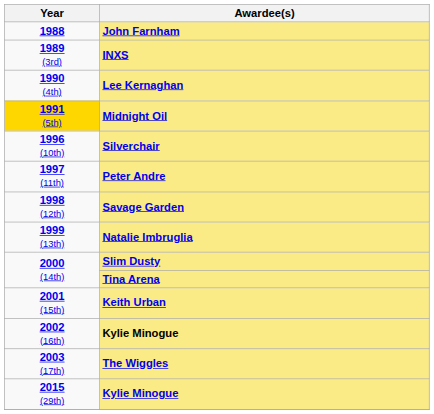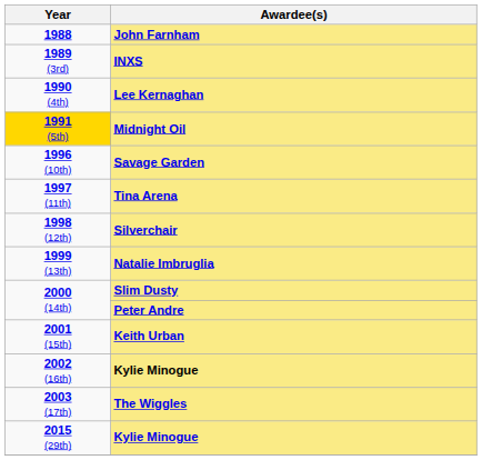 <table class="sortable wikitable">
 <tr>
 <th width="5%">Year</th>
 <th width="19%">Awardee(s)</th>
 </tr>
 <tr>
 <td align="center"><strong><a href='#'>1988</a></strong><br></td>
 <td style="background:#FAEB86"><strong><a href='#'>John Farnham</a></strong></td>
 </tr>
 <tr>
 <td align="center"><strong><a href='#'>1989</a></strong><br><small><a href='#'>(3rd)</a></small></td>
 <td style="background:#FAEB86"><strong><a href='#'>INXS</a></strong></td>
 </tr>
 <tr>
 <td align="center"><strong><a href='#'>1990</a></strong><br><small><a href='#'>(4th)</a></small></td>
 <td style="background:#FAEB86"><strong><a href='#'>Lee Kernaghan</a></strong></td>
 </tr>
 <tr>
 <td align="center" style="background: gold;"><strong><a href='#'>1991</a></strong><br><small><a href='#'>(5th)</a></small></td>
 <td style="background:#FAEB86"><strong><a href='#'>Midnight Oil</a></strong></td>
 </tr>
 <tr>
 <td align="center"><strong><a href='#'>1996</a></strong><br><small><a href='#'>(10th)</a></small></td>
-<td style="background:#FAEB86"><strong><a href='#'>Silverchair</a></strong></td>
+<td style="background:#FAEB86"><strong><a href='#'>Savage Garden</a></strong></td>
 </tr>
 <tr>
 <td align="center"><strong><a href='#'>1997</a></strong><br><small><a href='#'>(11th)</a></small></td>
-<td style="background:#FAEB86"><strong><a href='#'>Peter Andre</a></strong></td>
+<td style="background:#FAEB86"><strong><a href='#'>Tina Arena</a></strong></td>
 </tr>
 <tr>
 <td align="center"><strong><a href='#'>1998</a></strong><br><small><a href='#'>(12th)</a></small></td>
-<td style="background:#FAEB86"><strong><a href='#'>Savage Garden</a></strong></td>
+<td style="background:#FAEB86"><strong><a href='#'>Silverchair</a></strong></td>
 </tr>
 <tr>
 <td align="center"><strong><a href='#'>1999</a></strong><br><small><a href='#'>(13th)</a></small></td>
 <td style="background:#FAEB86"><strong><a href='#'>Natalie Imbruglia</a></strong></td>
 </tr>
 <tr>
 <td rowspan="2" align="center"><strong><a href='#'>2000</a></strong><br><small><a href='#'>(14th)</a></small></td>
 <td style="background:#FAEB86"><strong><a href='#'>Slim Dusty</a></strong></td>
 </tr>
 <tr>
-<td style="background:#FAEB86"><strong><a href='#'>Tina Arena</a></strong></td>
+<td style="background:#FAEB86"><strong><a href='#'>Peter Andre</a></strong></td>
 </tr>
 <tr>
 <td align="center"><strong><a href='#'>2001</a></strong><br><small><a href='#'>(15th)</a></small></td>
 <td style="background:#FAEB86"><strong><a href='#'>Keith Urban</a></strong></td>
 </tr>
 <tr>
 <td align="center"><strong><a href='#'>2002</a></strong><br><small><a href='#'>(16th)</a></small></td>
 <td style="background:#FAEB86"><strong>Kylie Minogue</strong></td>
 </tr>
 <tr>
 <td align="center"><strong><a href='#'>2003</a></strong><br><small><a href='#'>(17th)</a></small></td>
 <td style="background:#FAEB86"><strong><a href='#'>The Wiggles</a></strong></td>
 </tr>
 <tr>
 <td align="center"><strong><a href='#'>2015</a></strong><br><small><a href='#'>(29th)</a></small></td>
 <td style="background:#FAEB86"><strong><a href='#'>Kylie Minogue</a></strong></td>
 </tr>
 <tr>
 </tr>
 </table>
